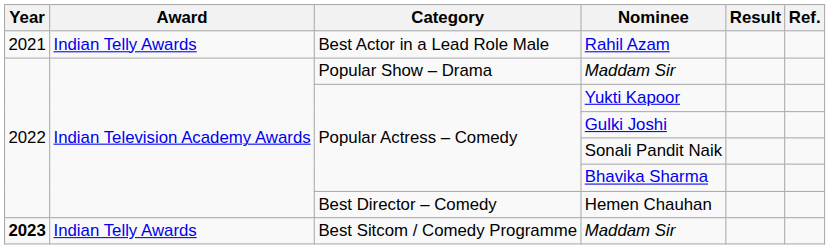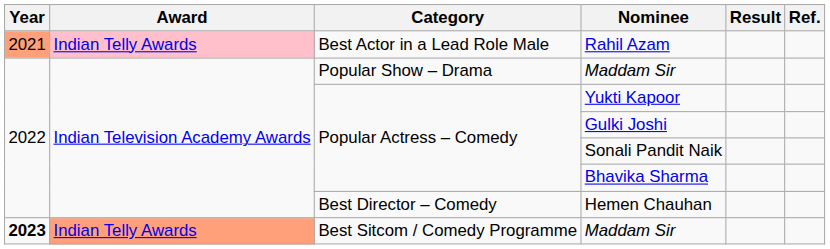 <table class="wikitable">
 <tr>
 <th>Year</th>
 <th>Award</th>
 <th>Category</th>
 <th>Nominee</th>
 <th>Result</th>
 <th>Ref.</th>
 </tr>
 <tr>
-<td>2021</td>
-<td><a href='#'>Indian Telly Awards</a></td>
+<td style="background: lightsalmon;">2021</td>
+<td style="background: pink;"><a href='#'>Indian Telly Awards</a></td>
 <td>Best Actor in a Lead Role Male</td>
 <td><a href='#'>Rahil Azam</a></td>
 <td></td>
 <td></td>
 </tr>
 <tr>
 <td rowspan= "6">2022</td>
 <td rowspan= "6"><a href='#'>Indian Television Academy Awards</a></td>
 <td>Popular Show – Drama</td>
 <td><em>Maddam Sir</em></td>
 <td></td>
 <td></td>
 </tr>
 <tr>
 <td rowspan= "4">Popular Actress – Comedy</td>
 <td><a href='#'>Yukti Kapoor</a></td>
 <td></td>
 <td></td>
 </tr>
 <tr>
 <td><a href='#'>Gulki Joshi</a></td>
 <td></td>
 <td></td>
 </tr>
 <tr>
 <td>Sonali Pandit Naik</td>
 <td></td>
 <td></td>
 </tr>
 <tr>
 <td><a href='#'>Bhavika Sharma</a></td>
 <td></td>
 <td></td>
 </tr>
 <tr>
 <td>Best Director – Comedy</td>
 <td>Hemen Chauhan</td>
 <td></td>
 <td></td>
 </tr>
 <tr>
 <td><strong>2023</strong></td>
-<td><a href='#'>Indian Telly Awards</a></td>
+<td style="background: lightsalmon;"><a href='#'>Indian Telly Awards</a></td>
 <td>Best Sitcom / Comedy Programme</td>
 <td><em>Maddam Sir</em></td>
 <td></td>
 <td></td>
 </tr>
 </table>
